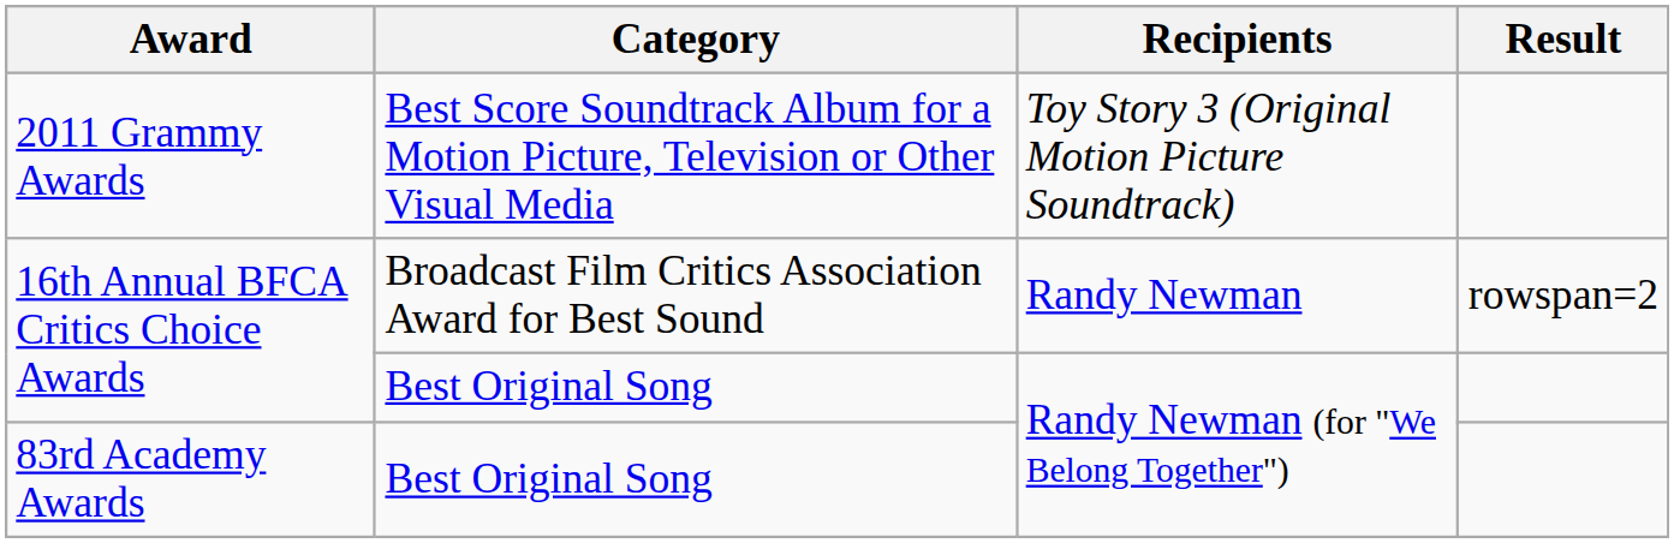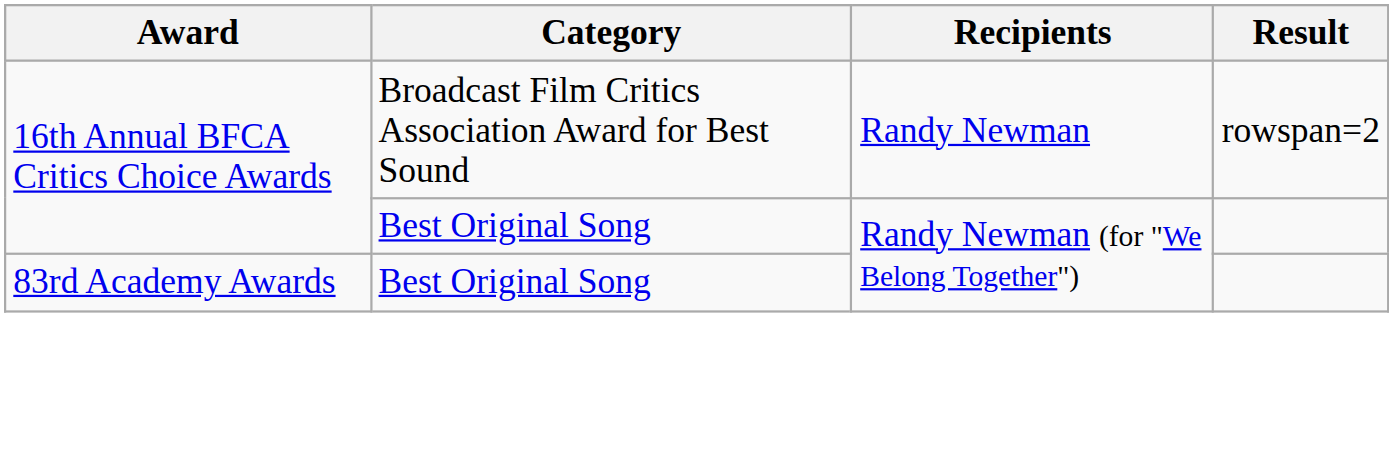 <table class="wikitable sortable" style="width:100%;">
 <tr style="background:#ccc; text-align:center;">
 <th>Award</th>
 <th>Category</th>
 <th>Recipients</th>
 <th>Result</th>
-</tr>
-<tr>
-<td><a href='#'>2011 Grammy Awards</a></td>
-<td><a href='#'>Best Score Soundtrack Album for a Motion Picture, Television or Other Visual Media</a></td>
-<td><em>Toy Story 3 (Original Motion Picture Soundtrack)</em></td>
-<td></td>
 </tr>
 <tr>
 <td rowspan="2"><a href='#'>16th Annual BFCA Critics Choice Awards</a></td>
 <td>Broadcast Film Critics Association Award for Best Sound</td>
 <td><a href='#'>Randy Newman</a></td>
 <td>rowspan=2 </td>
 </tr>
 <tr>
 <td><a href='#'>Best Original Song</a></td>
 <td rowspan="2"><a href='#'>Randy Newman</a> <small>(for "<a href='#'>We Belong Together</a>")</small></td>
 </tr>
 <tr>
 <td><a href='#'>83rd Academy Awards</a></td>
 <td><a href='#'>Best Original Song</a></td>
 <td></td>
 </tr>
 </table>
